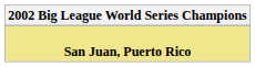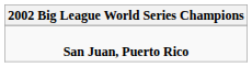 <table class="wikitable" style="text-align: center; margin: 0 auto;">
 <tr>
 <th>2002 Big League World Series Champions</th>
 </tr>
 <tr>
 </tr>
 <tr>
-<td style="background: khaki;"><br><strong>San Juan, Puerto Rico</strong></td>
+<td><br><strong>San Juan, Puerto Rico</strong></td>
 </tr>
 </table>
